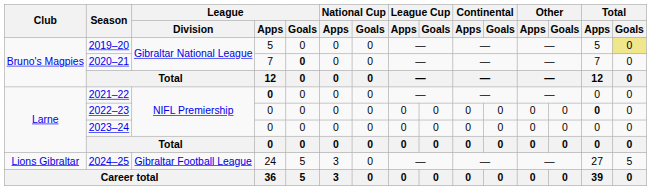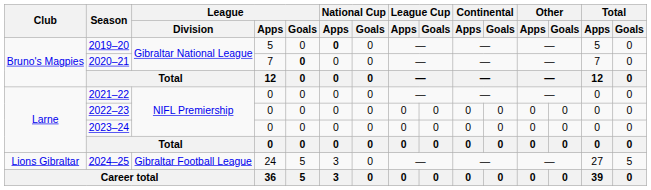 <table class=wikitable style="text-align:center">
 <tr>
 <th rowspan=2>Club</th>
 <th rowspan=2>Season</th>
 <th colspan=3>League</th>
 <th colspan=2>National Cup</th>
 <th colspan=2>League Cup</th>
 <th colspan=2>Continental</th>
 <th colspan=2>Other</th>
 <th colspan=2>Total</th>
 </tr>
 <tr>
 <th>Division</th>
 <th>Apps</th>
 <th>Goals</th>
 <th>Apps</th>
 <th>Goals</th>
 <th>Apps</th>
 <th>Goals</th>
 <th>Apps</th>
 <th>Goals</th>
 <th>Apps</th>
 <th>Goals</th>
 <th>Apps</th>
 <th>Goals</th>
 </tr>
 <tr>
 <td rowspan="3"><a href='#'>Bruno's Magpies</a></td>
 <td><a href='#'>2019–20</a></td>
 <td rowspan="2"><a href='#'>Gibraltar National League</a></td>
 <td>5</td>
 <td>0</td>
-<td>0</td>
+<td><strong>0</strong></td>
 <td>0</td>
 <td colspan=2>—</td>
 <td colspan=2>—</td>
 <td colspan=2>—</td>
 <td>5</td>
-<td style="background: khaki;">0</td>
+<td>0</td>
 </tr>
 <tr>
 <td><a href='#'>2020–21</a></td>
 <td>7</td>
 <td><strong>0</strong></td>
 <td>0</td>
 <td>0</td>
 <td colspan=2>—</td>
 <td colspan=2>—</td>
 <td colspan=2>—</td>
 <td>7</td>
 <td>0</td>
 </tr>
 <tr>
 <th colspan="2">Total</th>
 <th>12</th>
 <th>0</th>
 <th>0</th>
 <th>0</th>
 <th colspan=2>—</th>
 <th colspan=2>—</th>
 <th colspan=2>—</th>
 <th>12</th>
 <th>0</th>
 </tr>
 <tr>
 <td rowspan="4"><a href='#'>Larne</a></td>
 <td><a href='#'>2021–22</a></td>
 <td rowspan="3"><a href='#'>NIFL Premiership</a></td>
-<td><strong>0</strong></td>
+<td>0</td>
 <td>0</td>
 <td>0</td>
 <td>0</td>
 <td colspan=2>—</td>
 <td colspan=2>—</td>
 <td colspan=2>—</td>
 <td>0</td>
 <td>0</td>
 </tr>
 <tr>
 <td><a href='#'>2022–23</a></td>
 <td>0</td>
 <td>0</td>
 <td>0</td>
 <td>0</td>
 <td>0</td>
 <td>0</td>
 <td>0</td>
 <td>0</td>
 <td>0</td>
 <td>0</td>
-<td><strong>0</strong></td>
+<td>0</td>
 <td>0</td>
 </tr>
 <tr>
 <td><a href='#'>2023–24</a></td>
 <td>0</td>
 <td>0</td>
 <td>0</td>
 <td>0</td>
 <td>0</td>
 <td>0</td>
 <td>0</td>
 <td>0</td>
 <td>0</td>
 <td>0</td>
 <td>0</td>
 <td>0</td>
 </tr>
 <tr>
 <th colspan="2">Total</th>
 <th>0</th>
 <th>0</th>
 <th>0</th>
 <th>0</th>
 <th>0</th>
 <th>0</th>
 <th>0</th>
 <th>0</th>
 <th>0</th>
 <th>0</th>
 <th>0</th>
 <th>0</th>
 </tr>
 <tr>
 <td rowspan="1"><a href='#'>Lions Gibraltar</a></td>
 <td><a href='#'>2024–25</a></td>
 <td><a href='#'>Gibraltar Football League</a></td>
 <td>24</td>
 <td>5</td>
 <td>3</td>
 <td>0</td>
 <td colspan=2>—</td>
 <td colspan=2>—</td>
 <td colspan=2>—</td>
 <td>27</td>
 <td>5</td>
 </tr>
 <tr>
 <th colspan=3>Career total</th>
 <th>36</th>
 <th>5</th>
 <th>3</th>
 <th>0</th>
 <th>0</th>
 <th>0</th>
 <th>0</th>
 <th>0</th>
 <th>0</th>
 <th>0</th>
 <th>39</th>
 <th>0</th>
 </tr>
 </table>
